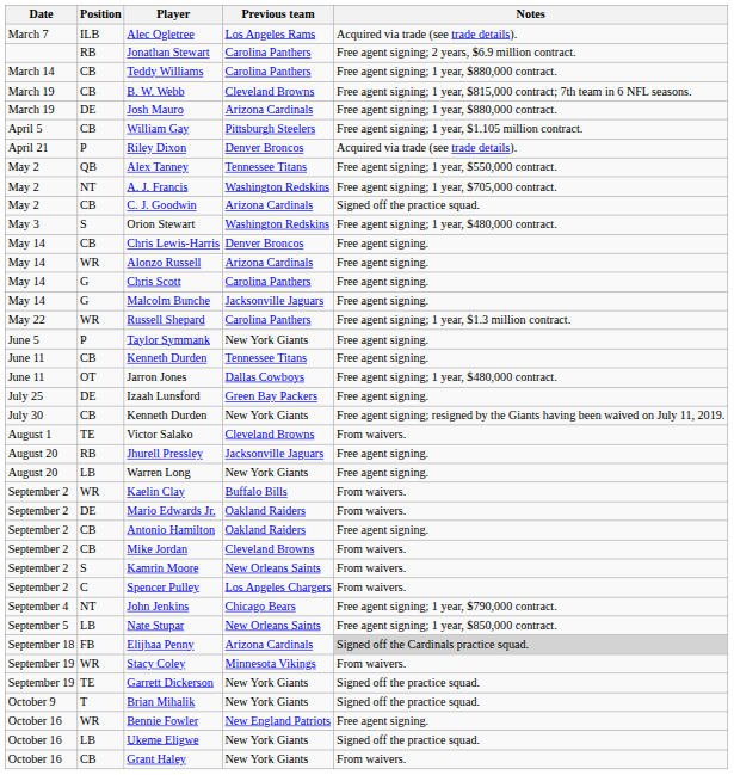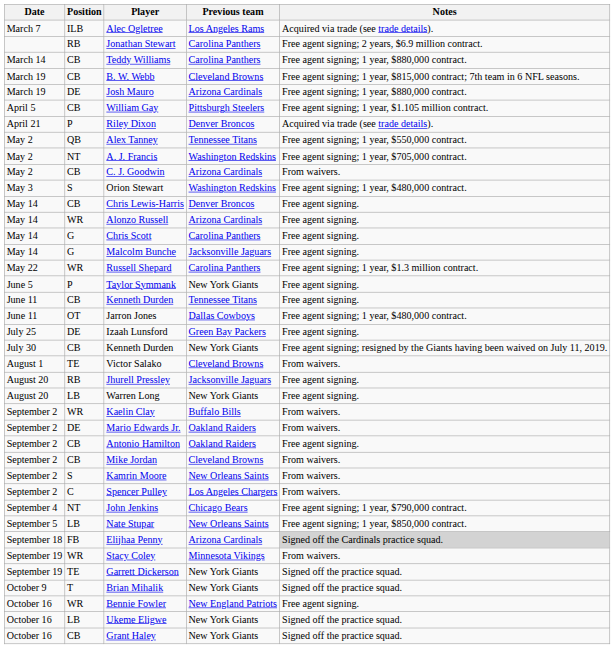 <table class="wikitable sortable">
 <tr>
 <th>Date</th>
 <th>Position</th>
 <th>Player</th>
 <th>Previous team</th>
 <th>Notes</th>
 </tr>
 <tr>
 <td>March 7</td>
 <td>ILB</td>
 <td><a href='#'>Alec Ogletree</a></td>
 <td><a href='#'>Los Angeles Rams</a></td>
 <td>Acquired via trade (see <a href='#'>trade details</a>).</td>
 </tr>
 <tr>
 <td></td>
 <td>RB</td>
 <td><a href='#'>Jonathan Stewart</a></td>
 <td><a href='#'>Carolina Panthers</a></td>
 <td>Free agent signing; 2 years, $6.9 million contract.</td>
 </tr>
 <tr>
 <td>March 14</td>
 <td>CB</td>
 <td><a href='#'>Teddy Williams</a></td>
 <td><a href='#'>Carolina Panthers</a></td>
 <td>Free agent signing; 1 year, $880,000 contract.</td>
 </tr>
 <tr>
 <td>March 19</td>
 <td>CB</td>
 <td><a href='#'>B. W. Webb</a></td>
 <td><a href='#'>Cleveland Browns</a></td>
 <td>Free agent signing; 1 year, $815,000 contract; 7th team in 6 NFL seasons.</td>
 </tr>
 <tr>
 <td>March 19</td>
 <td>DE</td>
 <td><a href='#'>Josh Mauro</a></td>
 <td><a href='#'>Arizona Cardinals</a></td>
 <td>Free agent signing; 1 year, $880,000 contract.</td>
 </tr>
 <tr>
 <td>April 5</td>
 <td>CB</td>
 <td><a href='#'>William Gay</a></td>
 <td><a href='#'>Pittsburgh Steelers</a></td>
 <td>Free agent signing; 1 year, $1.105 million contract.</td>
 </tr>
 <tr>
 <td>April 21</td>
 <td>P</td>
 <td><a href='#'>Riley Dixon</a></td>
 <td><a href='#'>Denver Broncos</a></td>
 <td>Acquired via trade (see <a href='#'>trade details</a>).</td>
 </tr>
 <tr>
 <td>May 2</td>
 <td>QB</td>
 <td><a href='#'>Alex Tanney</a></td>
 <td><a href='#'>Tennessee Titans</a></td>
 <td>Free agent signing; 1 year, $550,000 contract.</td>
 </tr>
 <tr>
 <td>May 2</td>
 <td>NT</td>
 <td><a href='#'>A. J. Francis</a></td>
 <td><a href='#'>Washington Redskins</a></td>
 <td>Free agent signing; 1 year, $705,000 contract.</td>
 </tr>
 <tr>
 <td>May 2</td>
 <td>CB</td>
 <td><a href='#'>C. J. Goodwin</a></td>
 <td><a href='#'>Arizona Cardinals</a></td>
-<td>Signed off the practice squad.</td>
+<td>From waivers.</td>
 </tr>
 <tr>
 <td>May 3</td>
 <td>S</td>
 <td>Orion Stewart</td>
 <td><a href='#'>Washington Redskins</a></td>
 <td>Free agent signing; 1 year, $480,000 contract.</td>
 </tr>
 <tr>
 <td>May 14</td>
 <td>CB</td>
 <td><a href='#'>Chris Lewis-Harris</a></td>
 <td><a href='#'>Denver Broncos</a></td>
 <td>Free agent signing.</td>
 </tr>
 <tr>
 <td>May 14</td>
 <td>WR</td>
 <td><a href='#'>Alonzo Russell</a></td>
 <td><a href='#'>Arizona Cardinals</a></td>
 <td>Free agent signing.</td>
 </tr>
 <tr>
 <td>May 14</td>
 <td>G</td>
 <td><a href='#'>Chris Scott</a></td>
 <td><a href='#'>Carolina Panthers</a></td>
 <td>Free agent signing.</td>
 </tr>
 <tr>
 <td>May 14</td>
 <td>G</td>
 <td><a href='#'>Malcolm Bunche</a></td>
 <td><a href='#'>Jacksonville Jaguars</a></td>
 <td>Free agent signing.</td>
 </tr>
 <tr>
 <td>May 22</td>
 <td>WR</td>
 <td><a href='#'>Russell Shepard</a></td>
 <td><a href='#'>Carolina Panthers</a></td>
 <td>Free agent signing; 1 year, $1.3 million contract.</td>
 </tr>
 <tr>
 <td>June 5</td>
 <td>P</td>
 <td><a href='#'>Taylor Symmank</a></td>
 <td>New York Giants</td>
 <td>Free agent signing.</td>
 </tr>
 <tr>
 <td>June 11</td>
 <td>CB</td>
 <td><a href='#'>Kenneth Durden</a></td>
 <td><a href='#'>Tennessee Titans</a></td>
 <td>Free agent signing.</td>
 </tr>
 <tr>
 <td>June 11</td>
 <td>OT</td>
 <td>Jarron Jones</td>
 <td><a href='#'>Dallas Cowboys</a></td>
 <td>Free agent signing; 1 year, $480,000 contract.</td>
 </tr>
 <tr>
 <td>July 25</td>
 <td>DE</td>
 <td>Izaah Lunsford</td>
 <td><a href='#'>Green Bay Packers</a></td>
 <td>Free agent signing.</td>
 </tr>
 <tr>
 <td>July 30</td>
 <td>CB</td>
 <td>Kenneth Durden</td>
 <td>New York Giants</td>
 <td>Free agent signing; resigned by the Giants having been waived on July 11, 2019.</td>
 </tr>
 <tr>
 <td>August 1</td>
 <td>TE</td>
 <td>Victor Salako</td>
 <td><a href='#'>Cleveland Browns</a></td>
 <td>From waivers.</td>
 </tr>
 <tr>
 <td>August 20</td>
 <td>RB</td>
 <td><a href='#'>Jhurell Pressley</a></td>
 <td><a href='#'>Jacksonville Jaguars</a></td>
 <td>Free agent signing.</td>
 </tr>
 <tr>
 <td>August 20</td>
 <td>LB</td>
 <td>Warren Long</td>
 <td>New York Giants</td>
 <td>Free agent signing.</td>
 </tr>
 <tr>
 <td>September 2</td>
 <td>WR</td>
 <td><a href='#'>Kaelin Clay</a></td>
 <td><a href='#'>Buffalo Bills</a></td>
 <td>From waivers.</td>
 </tr>
 <tr>
 <td>September 2</td>
 <td>DE</td>
 <td><a href='#'>Mario Edwards Jr.</a></td>
 <td><a href='#'>Oakland Raiders</a></td>
 <td>From waivers.</td>
 </tr>
 <tr>
 <td>September 2</td>
 <td>CB</td>
 <td><a href='#'>Antonio Hamilton</a></td>
 <td><a href='#'>Oakland Raiders</a></td>
 <td>Free agent signing.</td>
 </tr>
 <tr>
 <td>September 2</td>
 <td>CB</td>
 <td><a href='#'>Mike Jordan</a></td>
 <td><a href='#'>Cleveland Browns</a></td>
 <td>From waivers.</td>
 </tr>
 <tr>
 <td>September 2</td>
 <td>S</td>
 <td><a href='#'>Kamrin Moore</a></td>
 <td><a href='#'>New Orleans Saints</a></td>
 <td>From waivers.</td>
 </tr>
 <tr>
 <td>September 2</td>
 <td>C</td>
 <td><a href='#'>Spencer Pulley</a></td>
 <td><a href='#'>Los Angeles Chargers</a></td>
 <td>From waivers.</td>
 </tr>
 <tr>
 <td>September 4</td>
 <td>NT</td>
 <td><a href='#'>John Jenkins</a></td>
 <td><a href='#'>Chicago Bears</a></td>
 <td>Free agent signing; 1 year, $790,000 contract.</td>
 </tr>
 <tr>
 <td>September 5</td>
 <td>LB</td>
 <td><a href='#'>Nate Stupar</a></td>
 <td><a href='#'>New Orleans Saints</a></td>
 <td>Free agent signing; 1 year, $850,000 contract.</td>
 </tr>
 <tr>
 <td>September 18</td>
 <td>FB</td>
 <td><a href='#'>Elijhaa Penny</a></td>
 <td><a href='#'>Arizona Cardinals</a></td>
 <td style="background: lightgrey;">Signed off the Cardinals practice squad.</td>
 </tr>
 <tr>
 <td>September 19</td>
 <td>WR</td>
 <td><a href='#'>Stacy Coley</a></td>
 <td><a href='#'>Minnesota Vikings</a></td>
 <td>From waivers.</td>
 </tr>
 <tr>
 <td>September 19</td>
 <td>TE</td>
 <td><a href='#'>Garrett Dickerson</a></td>
 <td>New York Giants</td>
 <td>Signed off the practice squad.</td>
 </tr>
 <tr>
 <td>October 9</td>
 <td>T</td>
 <td><a href='#'>Brian Mihalik</a></td>
 <td>New York Giants</td>
 <td>Signed off the practice squad.</td>
 </tr>
 <tr>
 <td>October 16</td>
 <td>WR</td>
 <td><a href='#'>Bennie Fowler</a></td>
 <td><a href='#'>New England Patriots</a></td>
 <td>Free agent signing.</td>
 </tr>
 <tr>
 <td>October 16</td>
 <td>LB</td>
 <td><a href='#'>Ukeme Eligwe</a></td>
 <td>New York Giants</td>
 <td>Signed off the practice squad.</td>
 </tr>
 <tr>
 <td>October 16</td>
 <td>CB</td>
 <td><a href='#'>Grant Haley</a></td>
 <td>New York Giants</td>
-<td>From waivers.</td>
+<td>Signed off the practice squad.</td>
 </tr>
 </table>
